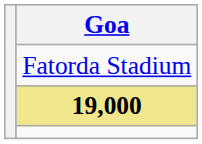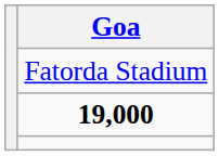 <table class="wikitable" style="text-align:center">
 <tr>
 <th rowspan=4></th>
 <th><a href='#'>Goa</a></th>
 </tr>
 <tr>
 <td><a href='#'>Fatorda Stadium</a></td>
 </tr>
 <tr>
-<td style="background: khaki;"><strong>19,000</strong></td>
+<td><strong>19,000</strong></td>
 </tr>
 <tr>
 <td></td>
 </tr>
 </table>
